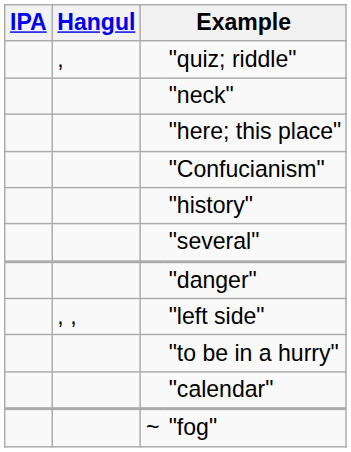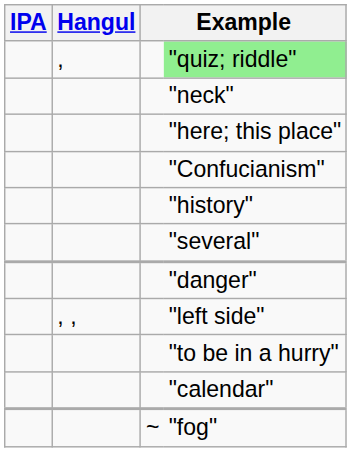 <table class="wikitable">
 <tr>
 <th><a href='#'>IPA</a></th>
 <th><a href='#'>Hangul</a></th>
 <th colspan="3">Example</th>
 </tr>
 <tr>
 <td></td>
 <td>, </td>
 <td style="border-right: 0;"> </td>
-<td style="border-left: 0;">"quiz; riddle"</td>
+<td style="background: lightgreen; border-left: 0;">"quiz; riddle"</td>
 </tr>
 <tr>
 <td></td>
 <td></td>
 <td style="border-right: 0;"> </td>
 <td style="border-left: 0;">"neck"</td>
 </tr>
 <tr>
 <td></td>
 <td></td>
 <td style="border-right: 0;"> </td>
 <td style="border-left: 0;">"here; this place"</td>
 </tr>
 <tr>
 <td></td>
 <td></td>
 <td style="border-right: 0;"> </td>
 <td style="border-left: 0;">"Confucianism"</td>
 </tr>
 <tr>
 <td></td>
 <td></td>
 <td style="border-right: 0;"> </td>
 <td style="border-left: 0;">"history"</td>
 </tr>
 <tr>
 <td></td>
 <td></td>
 <td style="border-right: 0;"> </td>
 <td style="border-left: 0;">"several"</td>
 </tr>
 <tr style="border-top: 2px solid #aaa;">
 <td></td>
 <td></td>
 <td style="border-right: 0;"> </td>
 <td style="border-left: 0;">"danger"</td>
 </tr>
 <tr>
 <td></td>
 <td>, , </td>
 <td style="border-right: 0;"> </td>
 <td style="border-left: 0;">"left side"</td>
 </tr>
 <tr>
 <td></td>
 <td></td>
 <td style="border-right: 0;"> </td>
 <td style="border-left: 0;">"to be in a hurry"</td>
 </tr>
 <tr>
 <td></td>
 <td></td>
 <td style="border-right: 0;"> </td>
 <td style="border-left: 0;">"calendar"</td>
 </tr>
 <tr style="border-top: 2px solid #aaa;">
 <td></td>
 <td></td>
 <td style="border-right: 0;"> ~</td>
 <td style="border-left: 0;">"fog"</td>
 </tr>
 </table>
